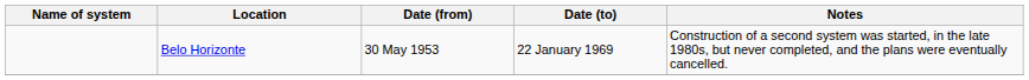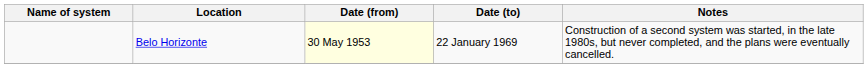 <table class="wikitable" width=100%>
 <tr>
 <th width=15%>Name of system</th>
 <th width=20%>Location</th>
 <th width=15%>Date (from)</th>
 <th width=15%>Date (to)</th>
 <th width=35%>Notes</th>
 </tr>
 <tr>
 <td> </td>
 <td><a href='#'>Belo Horizonte</a></td>
-<td>30 May 1953</td>
+<td style="background: lightyellow;">30 May 1953</td>
 <td>22 January 1969</td>
 <td>Construction of a second system was started, in the late 1980s, but never completed, and the plans were eventually cancelled.</td>
 </tr>
 <tr>
 </tr>
 </table>
